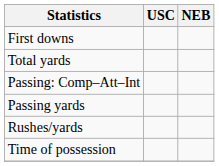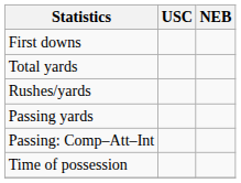 <table class="wikitable" style="float: left;">
 <tr>
 <th>Statistics</th>
 <th>USC</th>
 <th>NEB</th>
 </tr>
 <tr>
 <td>First downs</td>
 <td></td>
 <td></td>
 </tr>
 <tr>
 <td>Total yards</td>
 <td></td>
 <td></td>
 </tr>
 <tr>
-<td>Passing: Comp–Att–Int</td>
+<td>Rushes/yards</td>
 <td></td>
 <td></td>
 </tr>
 <tr>
 <td>Passing yards</td>
 <td></td>
 <td></td>
 </tr>
 <tr>
-<td>Rushes/yards</td>
+<td>Passing: Comp–Att–Int</td>
 <td></td>
 <td></td>
 </tr>
 <tr>
 <td>Time of possession</td>
 <td></td>
 <td></td>
 </tr>
 <tr>
 </tr>
 </table>
